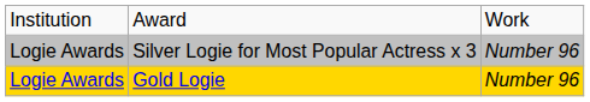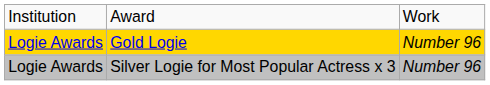 <table class="wikitable">
 <tr>
 <td>Institution</td>
 <td>Award</td>
 <td>Work</td>
 </tr>
+<tr bgcolor=gold>
+<td><a href='#'>Logie Awards</a></td>
+<td><a href='#'>Gold Logie</a></td>
+<td><em>Number 96</em></td>
+</tr>
 <tr bgcolor=silver>
 <td>Logie Awards</td>
 <td>Silver Logie for Most Popular Actress x 3</td>
 <td><em>Number 96</em></td>
 </tr>
-<tr bgcolor=gold>
-<td><a href='#'>Logie Awards</a></td>
-<td><a href='#'>Gold Logie</a></td>
-<td><em>Number 96</em></td>
-</tr>
 </table>
